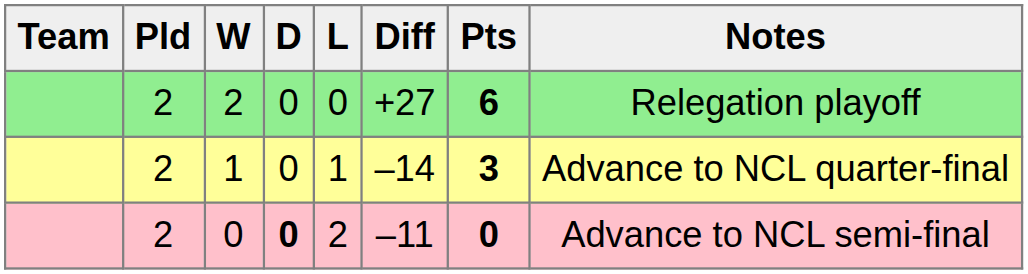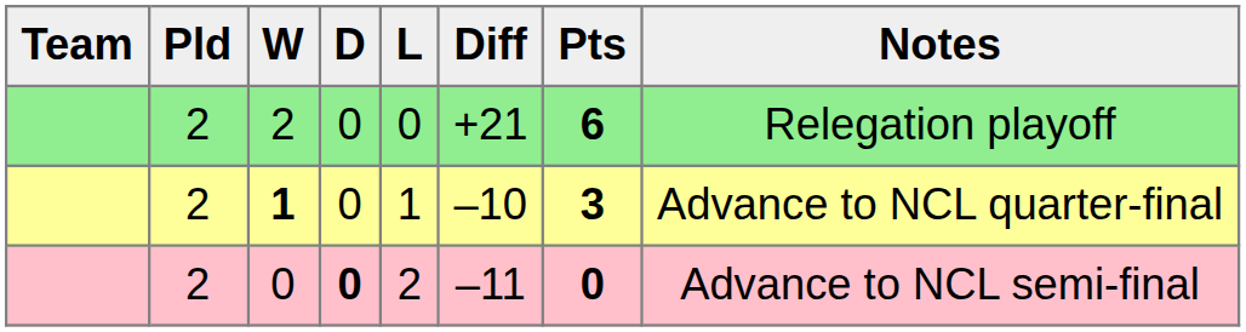 <table style=border-collapse:collapse border=1 cellspacing=0 cellpadding=5>
 <tr align=center bgcolor=#efefef>
 <th>Team</th>
 <th>Pld</th>
 <th>W</th>
 <th>D</th>
 <th>L</th>
 <th>Diff</th>
 <th>Pts</th>
 <th>Notes</th>
 </tr>
 <tr align=center style="background:#90EE90">
 <td style="text-align:left;"> </td>
 <td>2</td>
 <td>2</td>
 <td>0</td>
 <td>0</td>
-<td>+27</td>
+<td>+21</td>
 <td><strong>6</strong></td>
 <td rowspan=1>Relegation playoff</td>
 </tr>
 <tr align=center style="background:#FFFF99;">
 <td style="text-align:left;"> </td>
 <td>2</td>
-<td>1</td>
+<td><strong>1</strong></td>
 <td>0</td>
 <td>1</td>
-<td>–14</td>
+<td>–10</td>
 <td><strong>3</strong></td>
 <td rowspan=1>Advance to NCL quarter-final</td>
 </tr>
 <tr align=center style="background:#FFC0CB;">
 <td style="text-align:left;"> </td>
 <td>2</td>
 <td>0</td>
 <td><strong>0</strong></td>
 <td>2</td>
 <td>–11</td>
 <td><strong>0</strong></td>
 <td rowspan=1>Advance to NCL semi-final</td>
 </tr>
 </table>
